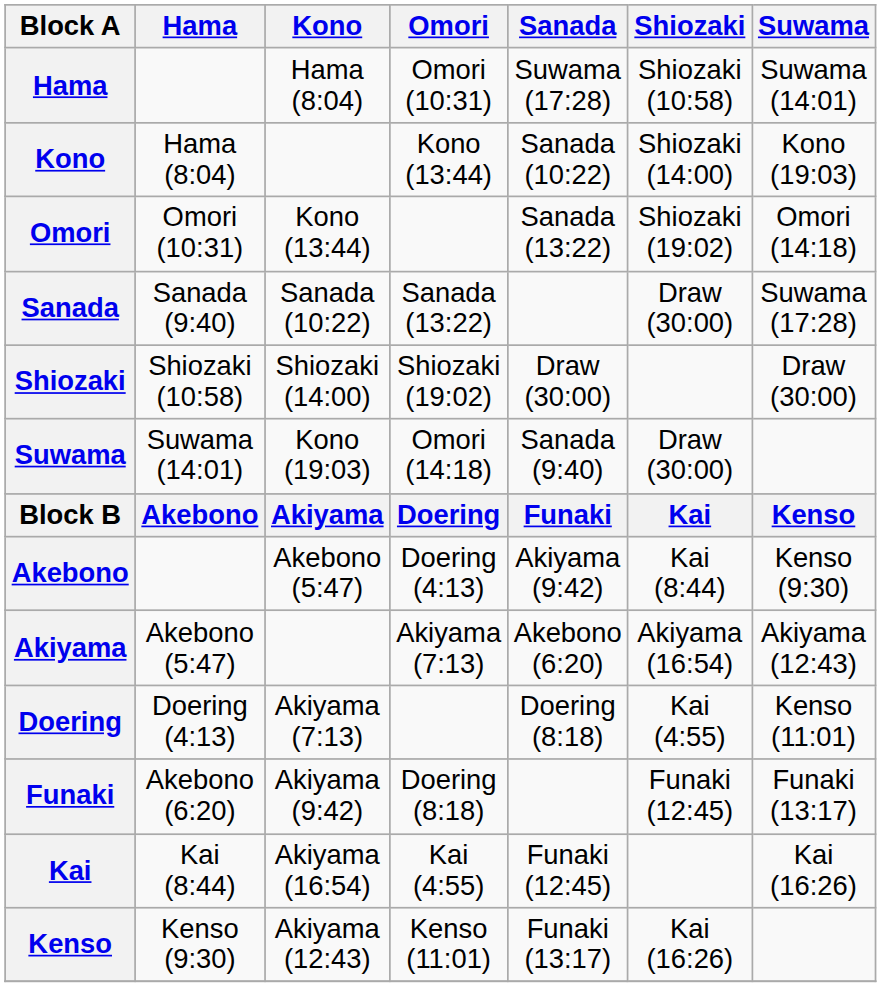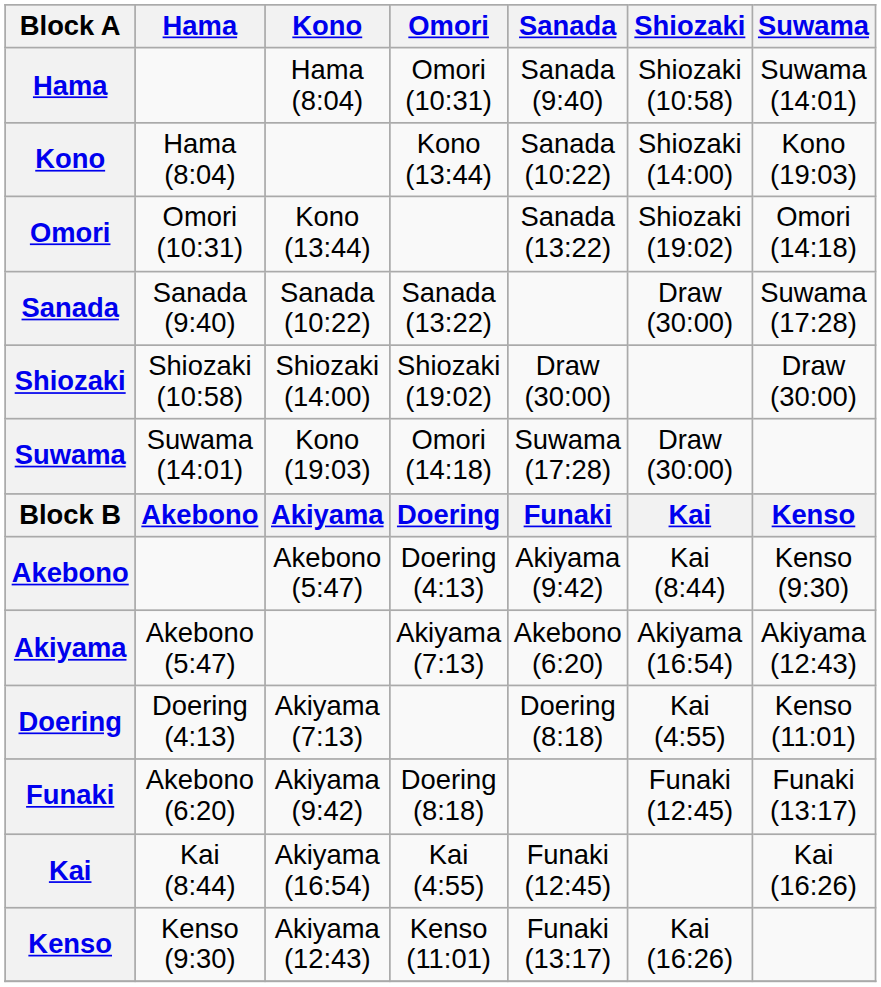 <table class="wikitable" style="margin: 1em auto 1em auto; text-align:center;">
 <tr>
 <th>Block A</th>
 <th><a href='#'>Hama</a></th>
 <th><a href='#'>Kono</a></th>
 <th><a href='#'>Omori</a></th>
 <th><a href='#'>Sanada</a></th>
 <th><a href='#'>Shiozaki</a></th>
 <th><a href='#'>Suwama</a></th>
 </tr>
 <tr>
 <th><a href='#'>Hama</a></th>
 <td></td>
 <td>Hama<br>(8:04)</td>
 <td>Omori<br>(10:31)</td>
-<td>Suwama<br>(17:28)</td>
+<td>Sanada<br>(9:40)</td>
 <td>Shiozaki<br>(10:58)</td>
 <td>Suwama<br>(14:01)</td>
 </tr>
 <tr>
 <th><a href='#'>Kono</a></th>
 <td>Hama<br>(8:04)</td>
 <td></td>
 <td>Kono<br>(13:44)</td>
 <td>Sanada<br>(10:22)</td>
 <td>Shiozaki<br>(14:00)</td>
 <td>Kono<br>(19:03)</td>
 </tr>
 <tr>
 <th><a href='#'>Omori</a></th>
 <td>Omori<br>(10:31)</td>
 <td>Kono<br>(13:44)</td>
 <td></td>
 <td>Sanada<br>(13:22)</td>
 <td>Shiozaki<br>(19:02)</td>
 <td>Omori<br>(14:18)</td>
 </tr>
 <tr>
 <th><a href='#'>Sanada</a></th>
 <td>Sanada<br>(9:40)</td>
 <td>Sanada<br>(10:22)</td>
 <td>Sanada<br>(13:22)</td>
 <td></td>
 <td>Draw<br>(30:00)</td>
 <td>Suwama<br>(17:28)</td>
 </tr>
 <tr>
 <th><a href='#'>Shiozaki</a></th>
 <td>Shiozaki<br>(10:58)</td>
 <td>Shiozaki<br>(14:00)</td>
 <td>Shiozaki<br>(19:02)</td>
 <td>Draw<br>(30:00)</td>
 <td></td>
 <td>Draw<br>(30:00)</td>
 </tr>
 <tr>
 <th><a href='#'>Suwama</a></th>
 <td>Suwama<br>(14:01)</td>
 <td>Kono<br>(19:03)</td>
 <td>Omori<br>(14:18)</td>
-<td>Sanada<br>(9:40)</td>
+<td>Suwama<br>(17:28)</td>
 <td>Draw<br>(30:00)</td>
 <td></td>
 </tr>
 <tr>
 <th>Block B</th>
 <th><a href='#'>Akebono</a></th>
 <th><a href='#'>Akiyama</a></th>
 <th><a href='#'>Doering</a></th>
 <th><a href='#'>Funaki</a></th>
 <th><a href='#'>Kai</a></th>
 <th><a href='#'>Kenso</a></th>
 </tr>
 <tr>
 <th><a href='#'>Akebono</a></th>
 <td></td>
 <td>Akebono<br>(5:47)</td>
 <td>Doering<br>(4:13)</td>
 <td>Akiyama<br>(9:42)</td>
 <td>Kai<br>(8:44)</td>
 <td>Kenso<br>(9:30)</td>
 </tr>
 <tr>
 <th><a href='#'>Akiyama</a></th>
 <td>Akebono<br>(5:47)</td>
 <td></td>
 <td>Akiyama<br>(7:13)</td>
 <td>Akebono<br>(6:20)</td>
 <td>Akiyama<br>(16:54)</td>
 <td>Akiyama<br>(12:43)</td>
 </tr>
 <tr>
 <th><a href='#'>Doering</a></th>
 <td>Doering<br>(4:13)</td>
 <td>Akiyama<br>(7:13)</td>
 <td></td>
 <td>Doering<br>(8:18)</td>
 <td>Kai<br>(4:55)</td>
 <td>Kenso<br>(11:01)</td>
 </tr>
 <tr>
 <th><a href='#'>Funaki</a></th>
 <td>Akebono<br>(6:20)</td>
 <td>Akiyama<br>(9:42)</td>
 <td>Doering<br>(8:18)</td>
 <td></td>
 <td>Funaki<br>(12:45)</td>
 <td>Funaki<br>(13:17)</td>
 </tr>
 <tr>
 <th><a href='#'>Kai</a></th>
 <td>Kai<br>(8:44)</td>
 <td>Akiyama<br>(16:54)</td>
 <td>Kai<br>(4:55)</td>
 <td>Funaki<br>(12:45)</td>
 <td></td>
 <td>Kai<br>(16:26)</td>
 </tr>
 <tr>
 <th><a href='#'>Kenso</a></th>
 <td>Kenso<br>(9:30)</td>
 <td>Akiyama<br>(12:43)</td>
 <td>Kenso<br>(11:01)</td>
 <td>Funaki<br>(13:17)</td>
 <td>Kai<br>(16:26)</td>
 <td></td>
 </tr>
 <tr>
 </tr>
 </table>
